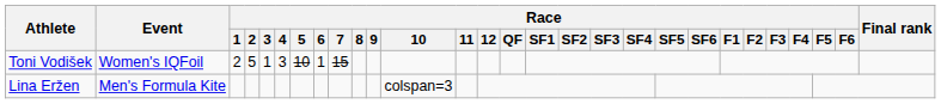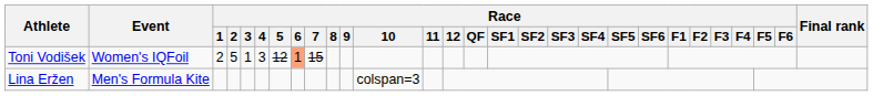 <table class="wikitable" style="font-size:90%">
 <tr>
 <th rowspan="2">Athlete</th>
 <th rowspan="2">Event</th>
 <th colspan=25>Race</th>
 <th rowspan=2>Final rank</th>
 </tr>
 <tr style="font-size:95%">
 <th>1</th>
 <th>2</th>
 <th>3</th>
 <th>4</th>
 <th>5</th>
 <th>6</th>
 <th>7</th>
 <th>8</th>
 <th>9</th>
 <th>10</th>
 <th>11</th>
 <th>12</th>
 <th>QF</th>
 <th>SF1</th>
 <th>SF2</th>
 <th>SF3</th>
 <th>SF4</th>
 <th>SF5</th>
 <th>SF6</th>
 <th>F1</th>
 <th>F2</th>
 <th>F3</th>
 <th>F4</th>
 <th>F5</th>
 <th>F6</th>
 </tr>
 <tr align=center>
 <td align=left><a href='#'>Toni Vodišek</a></td>
 <td align=left><a href='#'>Women's IQFoil</a></td>
 <td>2</td>
 <td>5</td>
 <td>1</td>
 <td>3</td>
-<td><s>10</s></td>
-<td>1</td>
+<td><s>12</s></td>
+<td style="background: lightsalmon;">1</td>
 <td><s>15</s></td>
 <td></td>
 <td></td>
 <td></td>
 <td></td>
 <td></td>
 <td></td>
 <td colspan=6></td>
 <td colspan=6></td>
 <td></td>
 </tr>
 <tr>
 <td align=left><a href='#'>Lina Eržen</a></td>
 <td align=left><a href='#'>Men's Formula Kite</a></td>
 <td></td>
 <td></td>
 <td></td>
 <td></td>
 <td></td>
 <td></td>
 <td></td>
 <td></td>
 <td></td>
 <td>colspan=3 </td>
 <td></td>
 <td colspan=6></td>
 <td colspan=6></td>
 </tr>
 </table>
